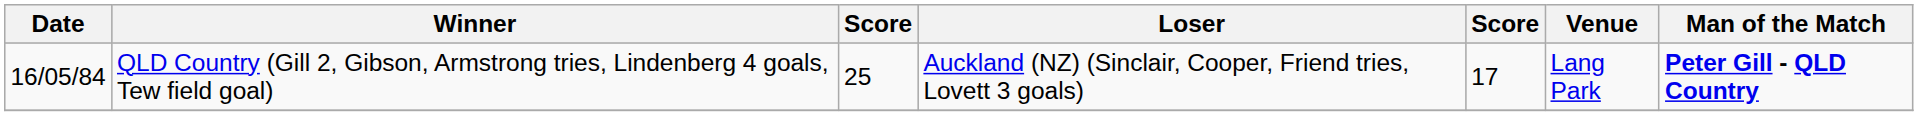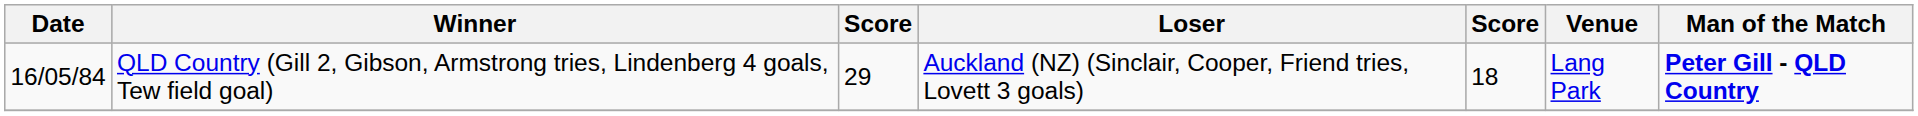 <table class="wikitable">
 <tr>
 <th>Date</th>
 <th>Winner</th>
 <th>Score</th>
 <th>Loser</th>
 <th>Score</th>
 <th>Venue</th>
 <th>Man of the Match</th>
 </tr>
 <tr>
 <td>16/05/84</td>
 <td> <a href='#'>QLD Country</a> (Gill 2, Gibson, Armstrong tries, Lindenberg 4 goals, Tew field goal)</td>
-<td>25</td>
+<td>29</td>
 <td> <a href='#'>Auckland</a> (NZ) (Sinclair, Cooper, Friend tries, Lovett 3 goals)</td>
-<td>17</td>
+<td>18</td>
 <td><a href='#'>Lang Park</a></td>
 <td><strong><a href='#'>Peter Gill</a> - <a href='#'>QLD Country</a></strong></td>
 </tr>
 <tr>
 </tr>
 </table>
